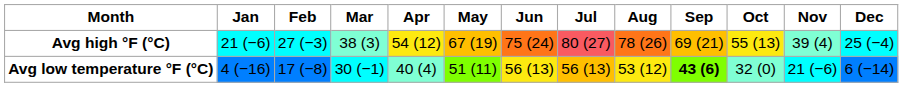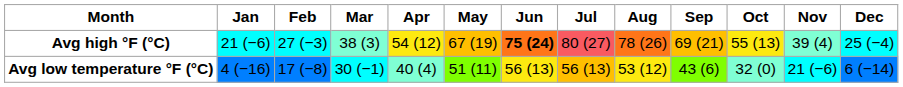 <table class="wikitable" style="font-size:90%;width:auto;border:0px;text-align:center;line-height:120%;">
 <tr>
 <th style="background: #FFFFFF; color: #000000" height="17">Month</th>
 <th style="background: #FFFFFF; color:#000000;">Jan</th>
 <th style="background: #FFFFFF; color:#000000;">Feb</th>
 <th style="background: #FFFFFF; color:#000000;">Mar</th>
 <th style="background: #FFFFFF; color:#000000;">Apr</th>
 <th style="background: #FFFFFF; color:#000000;">May</th>
 <th style="background: #FFFFFF; color:#000000;">Jun</th>
 <th style="background: #FFFFFF; color:#000000;">Jul</th>
 <th style="background: #FFFFFF; color:#000000;">Aug</th>
 <th style="background: #FFFFFF; color:#000000;">Sep</th>
 <th style="background: #FFFFFF; color:#000000;">Oct</th>
 <th style="background: #FFFFFF; color:#000000;">Nov</th>
 <th style="background: #FFFFFF; color:#000000;">Dec</th>
 </tr>
 <tr>
 <th style="background: #FFFFFF; color:#000000;">Avg high °F (°C)</th>
 <td style="background: #00FFFF; color:#000000;">21 (−6)</td>
 <td style="background: #00FFFF; color:#000000;">27 (−3)</td>
 <td style="background: #7FFFD4; color:#000000;">38 (3)</td>
 <td style="background: #FDE910; color:#000000;">54 (12)</td>
 <td style="background: #FFBF00; color:#000000;">67 (19)</td>
-<td style="background: #FF7518; color:#000000;">75 (24)</td>
+<td style="background: #FF7518; color:#000000;"><strong>75 (24)</strong></td>
 <td style="background: #F95A61; color:#000000;">80 (27)</td>
 <td style="background: #FF7518; color:#000000;">78 (26)</td>
 <td style="background: #FFBF00; color:#000000;">69 (21)</td>
 <td style="background: #FDE910; color:#000000;">55 (13)</td>
 <td style="background: #7FFFD4; color:#000000;">39 (4)</td>
 <td style="background: #00FFFF; color:#000000;">25 (−4)</td>
 </tr>
 <tr>
 <th style="background: #FFFFFF; color:#000000;" height="16;">Avg low temperature °F (°C)</th>
 <td style="background: #007FFF; color: black;">4 (−16)</td>
 <td style="background: #007FFF; color: black;">17 (−8)</td>
 <td style="background: #00FFFF; color: black;">30 (−1)</td>
 <td style="background: #7FFFD4; color: black;">40 (4)</td>
 <td style="background: #7FFF00; color: black;">51 (11)</td>
 <td style="background: #FDE910; color: black;">56 (13)</td>
 <td style="background: #FFBF00; color: black;">56 (13)</td>
 <td style="background: #FDE910; color: black;">53 (12)</td>
-<td style="background: #7FFF00; color: black;"><strong>43 (6)</strong></td>
+<td style="background: #7FFF00; color: black;">43 (6)</td>
 <td style="background: #7FFFD4; color: black;">32 (0)</td>
 <td style="background: #00FFFF; color: black;">21 (−6)</td>
 <td style="background: #007FFF; color: black;">6 (−14)</td>
 </tr>
 </table>
